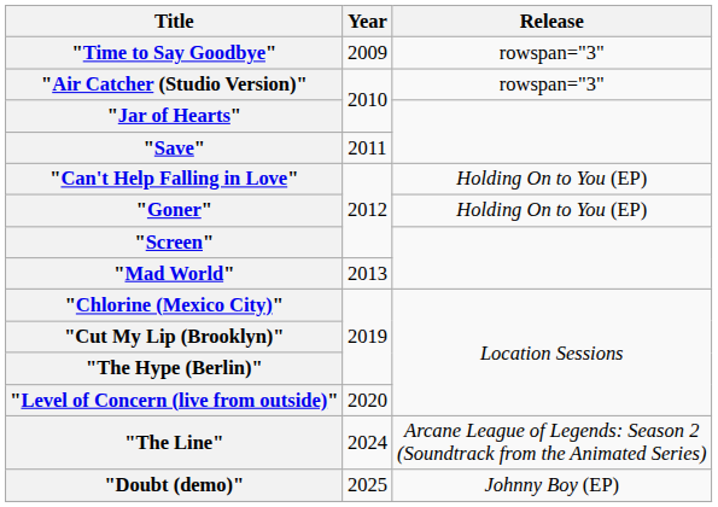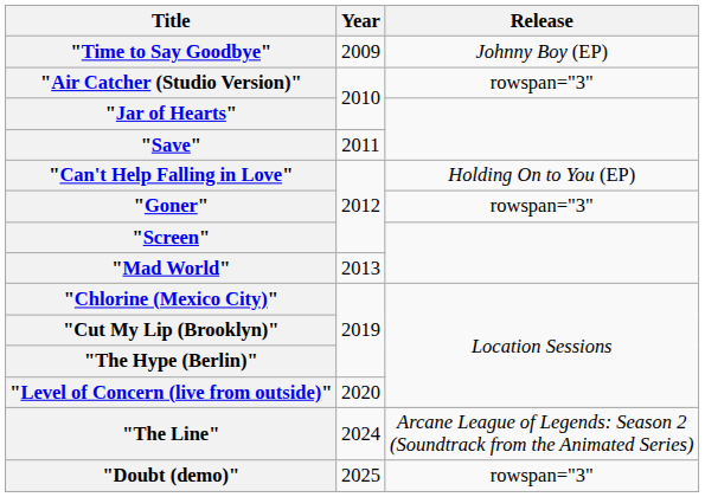 <table class="wikitable plainrowheaders" style="text-align:center;">
 <tr>
 <th scope="col">Title</th>
 <th scope="col">Year</th>
 <th scope="col" style="width:250px;">Release</th>
 </tr>
 <tr>
 <th scope="row">"<a href='#'>Time to Say Goodbye</a>"</th>
 <td>2009</td>
-<td>rowspan="3" </td>
+<td><em>Johnny Boy</em> (EP)</td>
 </tr>
 <tr>
 <th scope="row">"<a href='#'>Air Catcher</a> (Studio Version)"</th>
 <td rowspan="2">2010</td>
 <td>rowspan="3" </td>
 </tr>
 <tr>
 <th scope="row">"<a href='#'>Jar of Hearts</a>"<br></th>
 </tr>
 <tr>
 <th scope="row">"<a href='#'>Save</a>"</th>
 <td>2011</td>
 </tr>
 <tr>
 <th scope="row">"<a href='#'>Can't Help Falling in Love</a>"<br></th>
 <td rowspan="3">2012</td>
 <td><em>Holding On to You</em> (EP)</td>
 </tr>
 <tr>
 <th scope="row">"<a href='#'>Goner</a>"</th>
-<td><em>Holding On to You</em> (EP)</td>
+<td>rowspan="3" </td>
 </tr>
 <tr>
 <th scope="row">"<a href='#'>Screen</a>" </th>
 </tr>
 <tr>
 <th scope="row">"<a href='#'>Mad World</a>"<br></th>
 <td>2013</td>
 </tr>
 <tr>
 <th scope="row">"<a href='#'>Chlorine (Mexico City)</a>"</th>
 <td rowspan="3">2019</td>
 <td rowspan="4"><em>Location Sessions</em></td>
 </tr>
 <tr>
 <th scope="row">"Cut My Lip (Brooklyn)"</th>
 </tr>
 <tr>
 <th scope="row">"The Hype (Berlin)"</th>
 </tr>
 <tr>
 <th scope="row">"<a href='#'>Level of Concern (live from outside)</a>"</th>
 <td>2020</td>
 </tr>
 <tr>
 <th scope="row">"The Line"</th>
 <td>2024</td>
 <td><em>Arcane League of Legends: Season 2 (Soundtrack from the Animated Series)</em></td>
 </tr>
 <tr>
 <th scope="row">"Doubt (demo)"</th>
 <td>2025</td>
-<td><em>Johnny Boy</em> (EP)</td>
+<td>rowspan="3" </td>
 </tr>
 <tr>
 </tr>
 </table>
